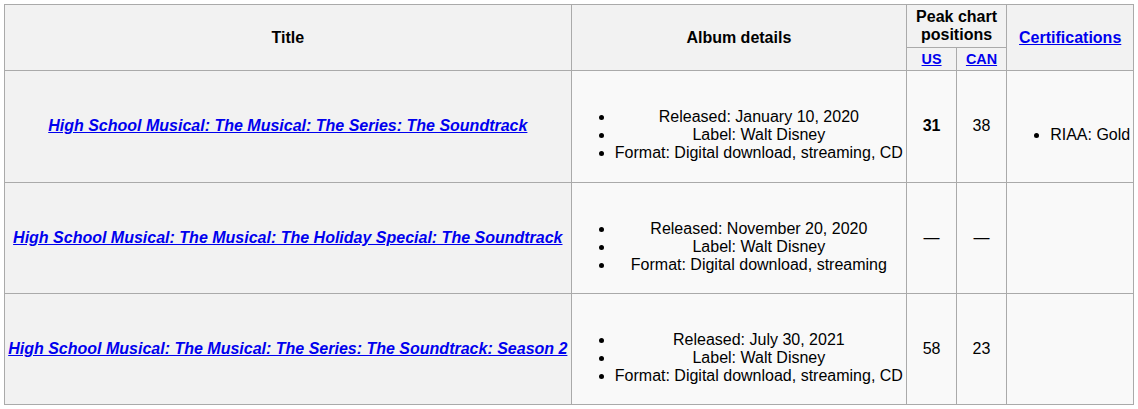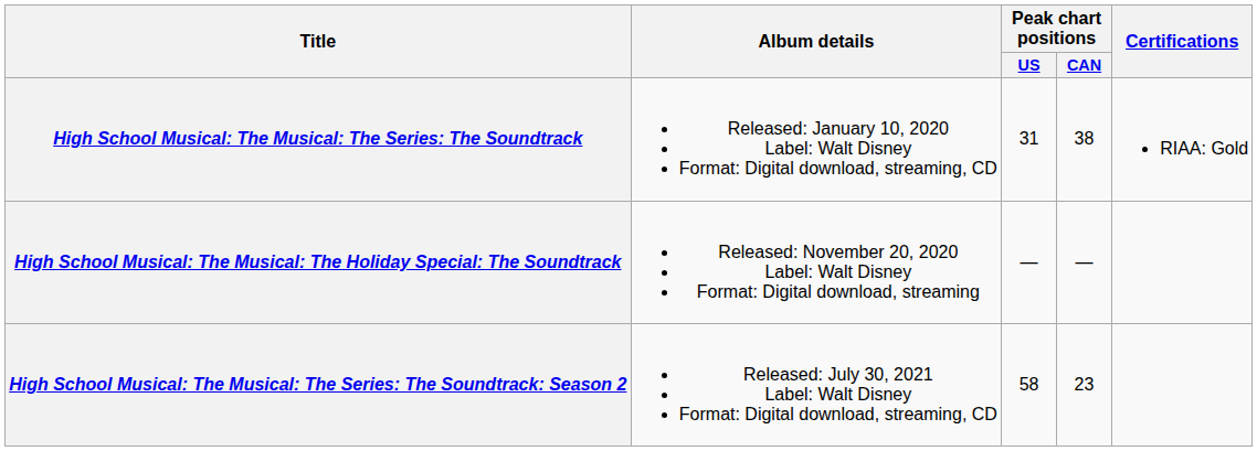 <table class="wikitable plainrowheaders" style="text-align:center;">
 <tr>
 <th rowspan="2">Title</th>
 <th rowspan="2">Album details</th>
 <th colspan="2">Peak chart positions</th>
 <th scope="col" rowspan="2"><a href='#'>Certifications</a></th>
 </tr>
 <tr>
 <th scope="col" style="width:3em;font-size:90%;"><a href='#'>US</a><br></th>
 <th scope="col" style="width:3em;font-size:90%;"><a href='#'>CAN</a><br></th>
 </tr>
 <tr>
 <th scope="row"><em><a href='#'>High School Musical: The Musical: The Series: The Soundtrack</a></em></th>
 <td><br><ul><li>Released: January 10, 2020</li><li>Label: Walt Disney</li><li>Format: Digital download, streaming, CD</li></ul></td>
-<td><strong>31</strong></td>
+<td>31</td>
 <td>38</td>
 <td><br><ul><li>RIAA: Gold</li></ul></td>
 </tr>
 <tr>
 <th scope="row"><em><a href='#'>High School Musical: The Musical: The Holiday Special: The Soundtrack</a></em></th>
 <td><br><ul><li>Released: November 20, 2020</li><li>Label: Walt Disney</li><li>Format: Digital download, streaming</li></ul></td>
 <td>—</td>
 <td>—</td>
 <td></td>
 </tr>
 <tr>
 <th scope="row"><em><a href='#'>High School Musical: The Musical: The Series: The Soundtrack: Season 2</a></em></th>
 <td><br><ul><li>Released: July 30, 2021</li><li>Label: Walt Disney</li><li>Format: Digital download, streaming, CD</li></ul></td>
 <td>58</td>
 <td>23</td>
 <td></td>
 </tr>
 </table>
